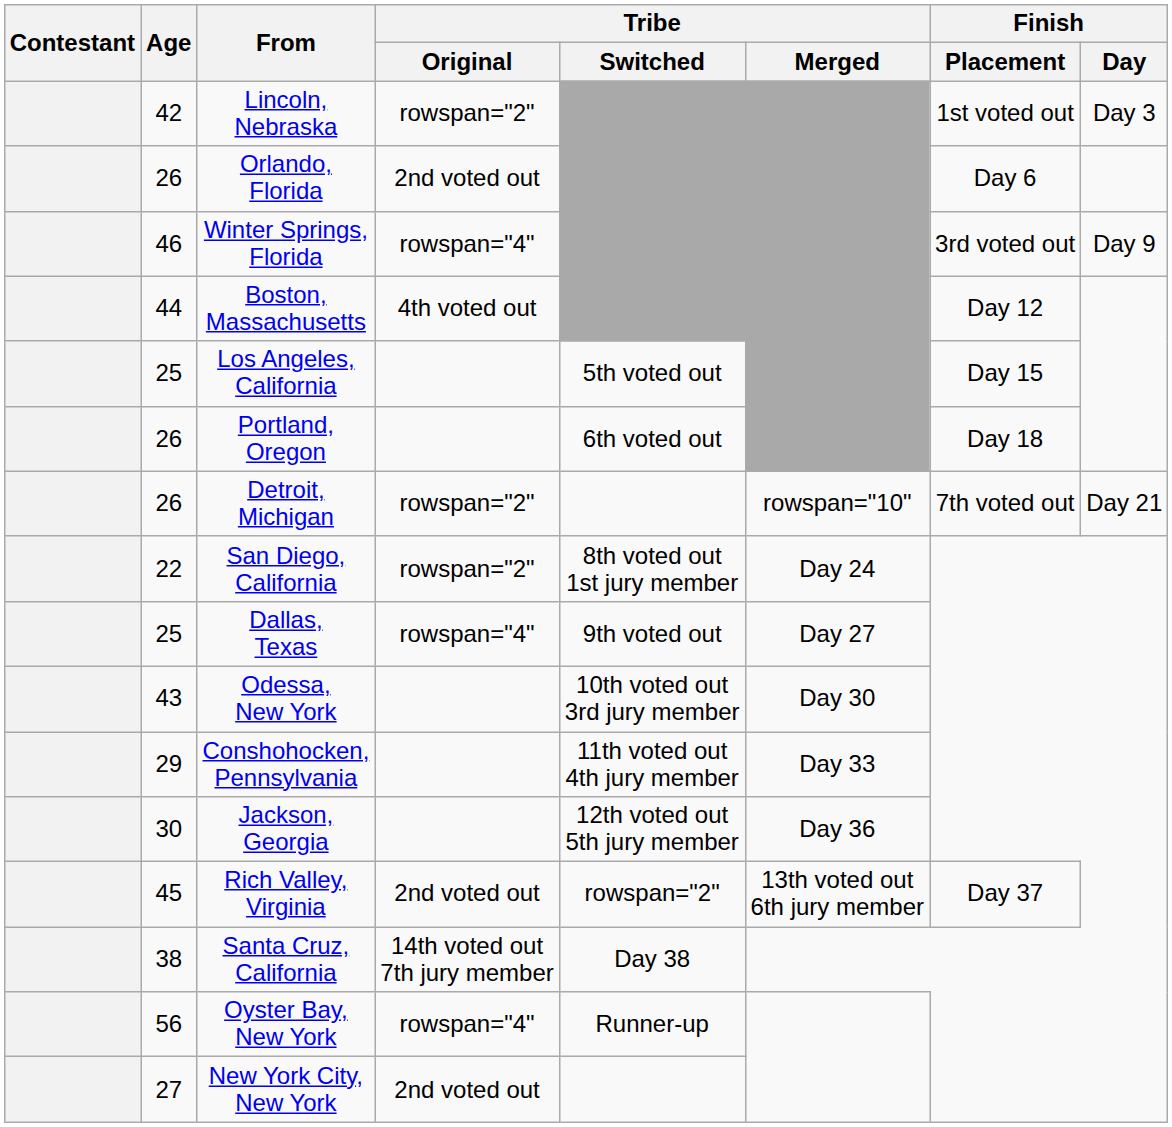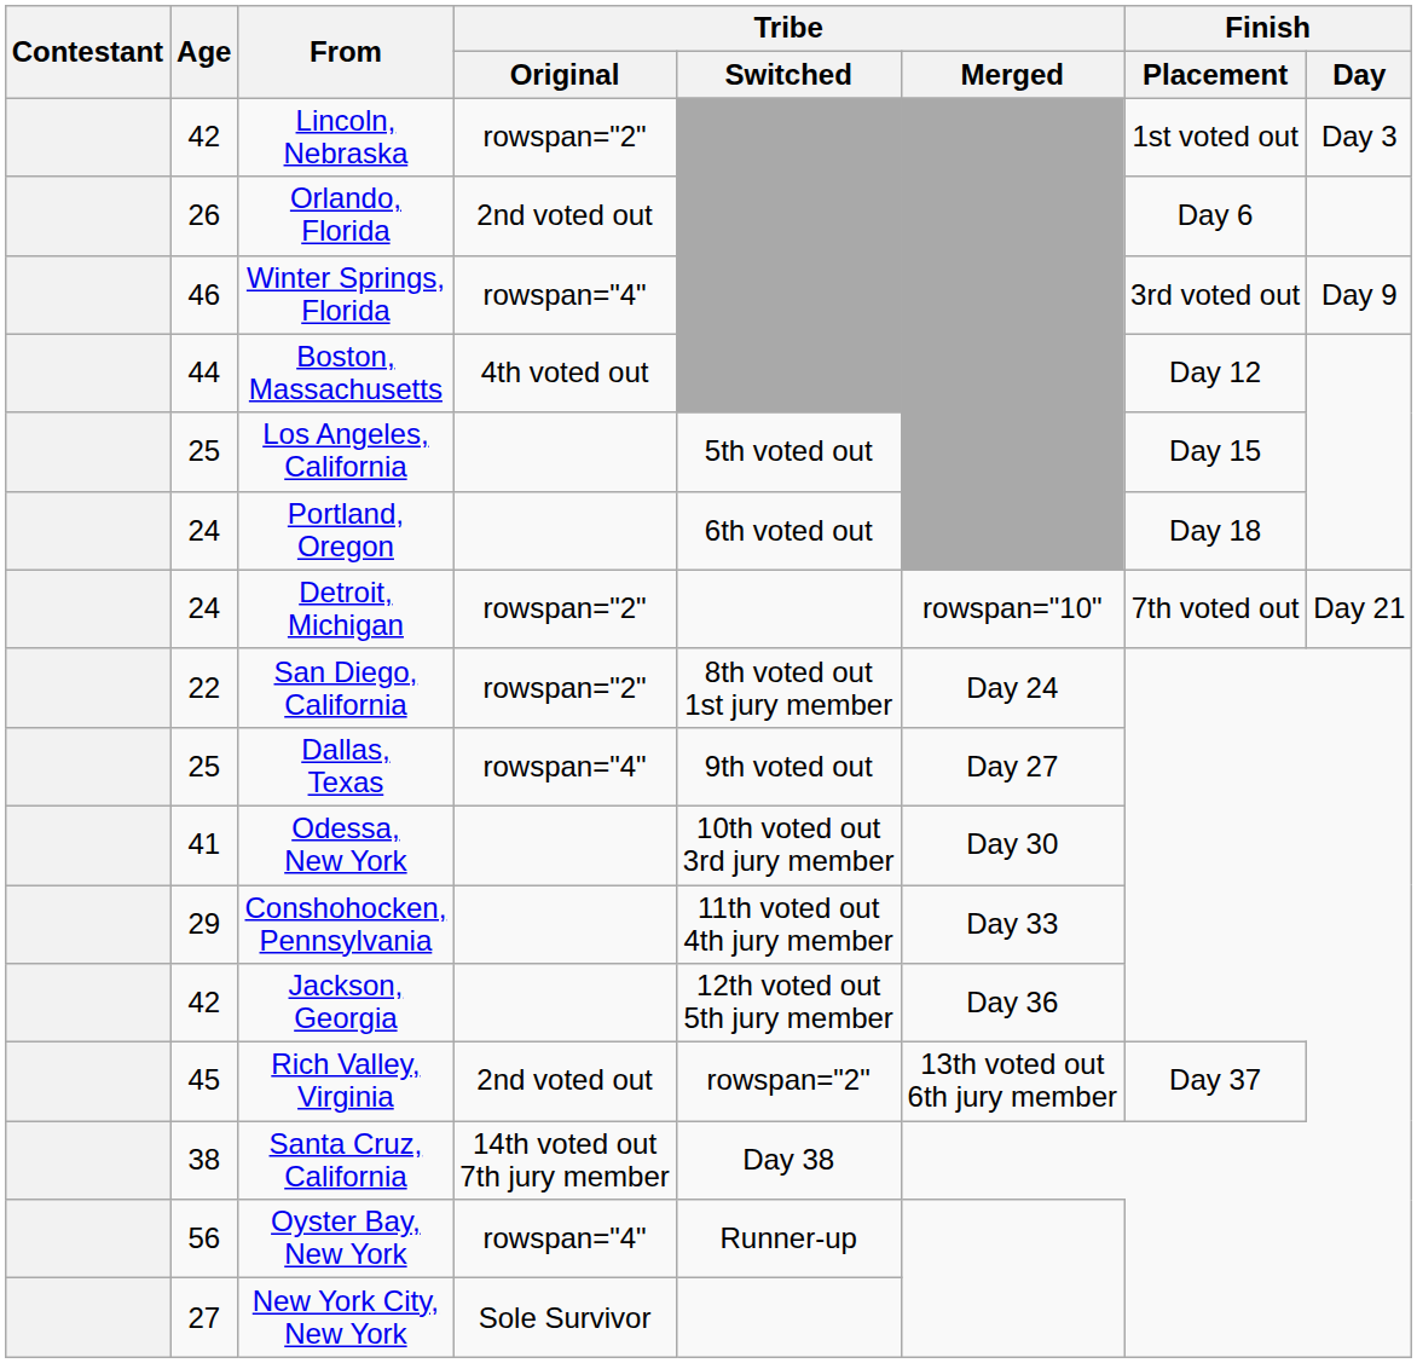 <table class="wikitable sortable" style="margin:auto; text-align:center;">
 <tr>
 <th rowspan="2" scope="col">Contestant</th>
 <th rowspan="2" scope="col">Age</th>
 <th rowspan="2" scope="col" class=unsortable>From</th>
 <th colspan="3" scope="colgroup">Tribe</th>
 <th colspan="2" scope="colgroup">Finish</th>
 </tr>
 <tr>
 <th scope="col">Original</th>
 <th scope="col">Switched</th>
 <th scope="col" class=unsortable>Merged</th>
 <th scope="col" class=unsortable>Placement</th>
 <th scope="col" class=unsortable>Day</th>
 </tr>
 <tr>
 <th scope="row" style="text-align:left;"></th>
 <td>42</td>
 <td><a href='#'>Lincoln,<br>Nebraska</a></td>
 <td>rowspan="2" </td>
 <td rowspan="4" style="background-color:darkgrey;"></td>
 <td rowspan="6" style="background-color:darkgrey;"></td>
 <td>1st voted out</td>
 <td>Day 3</td>
 </tr>
 <tr>
 <th scope="row" style="text-align:left;"></th>
 <td>26</td>
 <td><a href='#'>Orlando,<br>Florida</a></td>
 <td>2nd voted out</td>
 <td>Day 6</td>
 </tr>
 <tr>
 <th scope="row" style="text-align:left;"></th>
 <td>46</td>
 <td><a href='#'>Winter Springs,<br>Florida</a></td>
 <td>rowspan="4" </td>
 <td>3rd voted out</td>
 <td>Day 9</td>
 </tr>
 <tr>
 <th scope="row" style="text-align:left;"></th>
 <td>44</td>
 <td><a href='#'>Boston,<br>Massachusetts</a></td>
 <td>4th voted out</td>
 <td>Day 12</td>
 </tr>
 <tr>
 <th scope="row" style="text-align:left;"></th>
 <td>25</td>
 <td><a href='#'>Los Angeles,<br>California</a></td>
 <td></td>
 <td>5th voted out</td>
 <td>Day 15</td>
 </tr>
 <tr>
 <th scope="row" style="text-align:left;"></th>
-<td>26</td>
+<td>24</td>
 <td><a href='#'>Portland,<br>Oregon</a></td>
 <td></td>
 <td>6th voted out</td>
 <td>Day 18</td>
 </tr>
 <tr>
 <th scope="row" style="text-align:left;"></th>
-<td>26</td>
+<td>24</td>
 <td><a href='#'>Detroit,<br>Michigan</a></td>
 <td>rowspan="2" </td>
 <td></td>
 <td>rowspan="10" </td>
 <td>7th voted out</td>
 <td>Day 21</td>
 </tr>
 <tr>
 <th scope="row" style="text-align:left;"></th>
 <td>22</td>
 <td><a href='#'>San Diego,<br>California</a></td>
 <td>rowspan="2" </td>
 <td>8th voted out<br>1st jury member</td>
 <td>Day 24</td>
 </tr>
 <tr>
 <th scope="row" style="text-align:left;"></th>
 <td>25</td>
 <td><a href='#'>Dallas,<br>Texas</a></td>
 <td>rowspan="4" </td>
 <td>9th voted out<br></td>
 <td>Day 27</td>
 </tr>
 <tr>
 <th scope="row" style="text-align:left;"></th>
-<td>43</td>
+<td>41</td>
 <td><a href='#'>Odessa,<br>New York</a></td>
 <td></td>
 <td>10th voted out<br>3rd jury member</td>
 <td>Day 30</td>
 </tr>
 <tr>
 <th scope="row" style="text-align:left;"></th>
 <td>29</td>
 <td><a href='#'>Conshohocken,<br>Pennsylvania</a></td>
 <td></td>
 <td>11th voted out<br>4th jury member</td>
 <td>Day 33</td>
 </tr>
 <tr>
 <th scope="row" style="text-align:left;"></th>
-<td>30</td>
+<td>42</td>
 <td><a href='#'>Jackson,<br>Georgia</a></td>
 <td></td>
 <td>12th voted out<br>5th jury member</td>
 <td>Day 36</td>
 </tr>
 <tr>
 <th scope="row" style="text-align:left;"></th>
 <td>45</td>
 <td><a href='#'>Rich Valley,<br>Virginia</a></td>
 <td>2nd voted out</td>
 <td>rowspan="2" </td>
 <td>13th voted out<br>6th jury member</td>
 <td>Day 37</td>
 </tr>
 <tr>
 <th scope="row" style="text-align:left;"></th>
 <td>38</td>
 <td><a href='#'>Santa Cruz,<br>California</a></td>
 <td>14th voted out<br>7th jury member</td>
 <td>Day 38</td>
 </tr>
 <tr>
 <th scope="row" style="text-align:left;"></th>
 <td>56</td>
 <td><a href='#'>Oyster Bay,<br>New York</a></td>
 <td>rowspan="4" </td>
 <td>Runner-up</td>
 <td rowspan="2"></td>
 </tr>
 <tr>
 <th scope="row" style="text-align:left;"></th>
 <td>27</td>
 <td><a href='#'>New York City,<br>New York</a></td>
-<td>2nd voted out</td>
+<td>Sole Survivor</td>
 </tr>
 </table>
